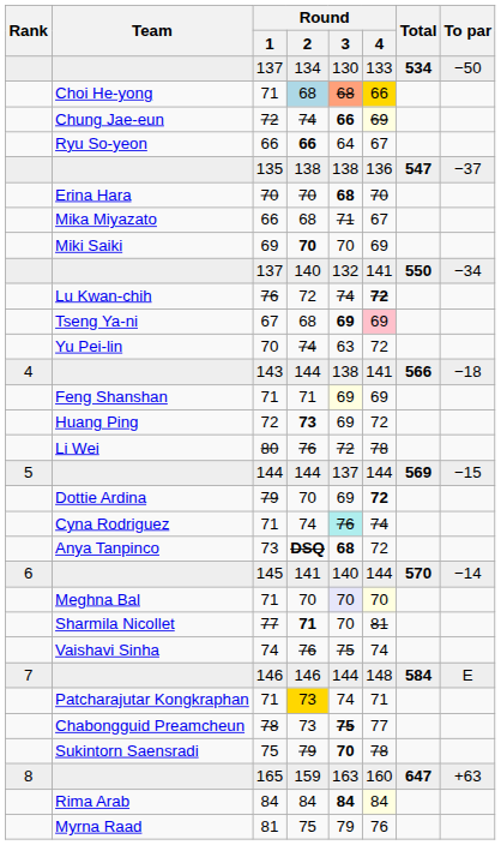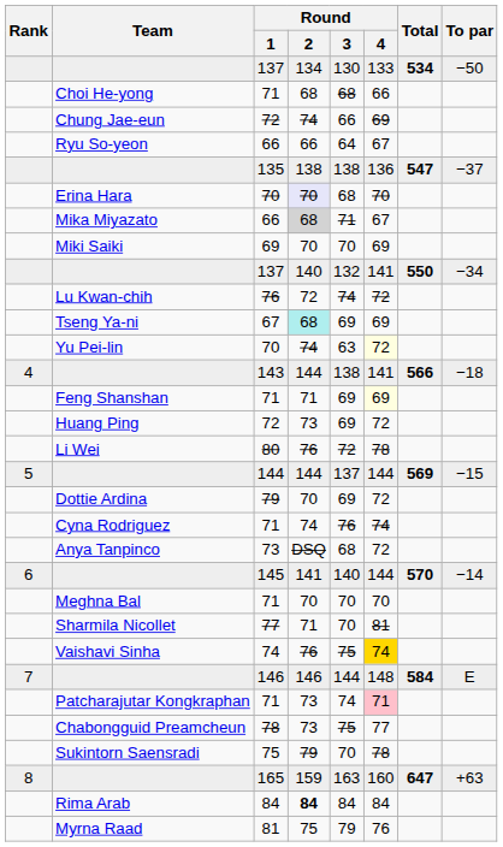 <table class=wikitable style="text-align:center">
 <tr>
 <th rowspan="2">Rank</th>
 <th rowspan="2">Team</th>
 <th colspan="4">Round</th>
 <th rowspan="2">Total</th>
 <th rowspan="2">To par</th>
 </tr>
 <tr>
 <th>1</th>
 <th>2</th>
 <th>3</th>
 <th>4</th>
 </tr>
 <tr style="background:#eeeeee;">
 <td></td>
 <td align=left></td>
 <td>137</td>
 <td>134</td>
 <td>130</td>
 <td>133</td>
 <td><strong>534</strong></td>
 <td>−50</td>
 </tr>
 <tr>
 <td></td>
 <td align=left><a href='#'>Choi He-yong</a></td>
 <td>71</td>
-<td style="background: lightblue;">68</td>
-<td style="background: lightsalmon;"><s>68</s></td>
-<td style="background: gold;">66</td>
+<td>68</td>
+<td><s>68</s></td>
+<td>66</td>
 <td></td>
 <td></td>
 </tr>
 <tr>
 <td></td>
 <td align=left><a href='#'>Chung Jae-eun</a></td>
 <td><s>72</s></td>
 <td><s>74</s></td>
-<td><strong>66</strong></td>
-<td style="background: lightyellow;"><s>69</s></td>
+<td>66</td>
+<td><s>69</s></td>
 <td></td>
 <td></td>
 </tr>
 <tr>
 <td></td>
 <td align=left><a href='#'>Ryu So-yeon</a></td>
 <td>66</td>
-<td><strong>66</strong></td>
+<td>66</td>
 <td>64</td>
 <td>67</td>
 <td></td>
 <td></td>
 </tr>
 <tr style="background:#eeeeee;">
 <td></td>
 <td align=left></td>
 <td>135</td>
 <td>138</td>
 <td>138</td>
 <td>136</td>
 <td><strong>547</strong></td>
 <td>−37</td>
 </tr>
 <tr>
 <td></td>
 <td align=left><a href='#'>Erina Hara</a></td>
 <td><s>70</s></td>
-<td><s>70</s></td>
-<td><strong>68</strong></td>
+<td style="background: lavender;"><s>70</s></td>
+<td>68</td>
 <td><s>70</s></td>
 <td></td>
 <td></td>
 </tr>
 <tr>
 <td></td>
 <td align=left><a href='#'>Mika Miyazato</a></td>
 <td>66</td>
-<td>68</td>
+<td style="background: lightgrey;">68</td>
 <td><s>71</s></td>
 <td>67</td>
 <td></td>
 <td></td>
 </tr>
 <tr>
 <td></td>
 <td align=left><a href='#'>Miki Saiki</a></td>
 <td>69</td>
-<td><strong>70</strong></td>
+<td>70</td>
 <td>70</td>
 <td>69</td>
 <td></td>
 <td></td>
 </tr>
 <tr style="background:#eeeeee;">
 <td></td>
 <td align=left></td>
 <td>137</td>
 <td>140</td>
 <td>132</td>
 <td>141</td>
 <td><strong>550</strong></td>
 <td>−34</td>
 </tr>
 <tr>
 <td></td>
 <td align=left><a href='#'>Lu Kwan-chih</a></td>
 <td><s>76</s></td>
 <td>72</td>
 <td><s>74</s></td>
-<td><strong><s>72</s></strong></td>
+<td><s>72</s></td>
 <td></td>
 <td></td>
 </tr>
 <tr>
 <td></td>
 <td align=left><a href='#'>Tseng Ya-ni</a></td>
 <td>67</td>
-<td>68</td>
-<td><strong>69</strong></td>
-<td style="background: pink;">69</td>
+<td style="background: paleturquoise;">68</td>
+<td>69</td>
+<td>69</td>
 <td></td>
 <td></td>
 </tr>
 <tr>
 <td></td>
 <td align=left><a href='#'>Yu Pei-lin</a></td>
 <td>70</td>
 <td><s>74</s></td>
 <td>63</td>
-<td>72</td>
+<td style="background: lightyellow;">72</td>
 <td></td>
 <td></td>
 </tr>
 <tr style="background:#eeeeee;">
 <td>4</td>
 <td align=left></td>
 <td>143</td>
 <td>144</td>
 <td>138</td>
 <td>141</td>
 <td><strong>566</strong></td>
 <td>−18</td>
 </tr>
 <tr>
 <td></td>
 <td align=left><a href='#'>Feng Shanshan</a></td>
 <td>71</td>
 <td>71</td>
+<td>69</td>
 <td style="background: lightyellow;">69</td>
-<td>69</td>
 <td></td>
 <td></td>
 </tr>
 <tr>
 <td></td>
 <td align=left><a href='#'>Huang Ping</a></td>
 <td>72</td>
-<td><strong>73</strong></td>
+<td>73</td>
 <td>69</td>
 <td>72</td>
 <td></td>
 <td></td>
 </tr>
 <tr>
 <td></td>
 <td align=left><a href='#'>Li Wei</a></td>
 <td><s>80</s></td>
 <td><s>76</s></td>
 <td><s>72</s></td>
 <td><s>78</s></td>
 <td></td>
 <td></td>
 </tr>
 <tr style="background:#eeeeee;">
 <td>5</td>
 <td align=left></td>
 <td>144</td>
 <td>144</td>
 <td>137</td>
 <td>144</td>
 <td><strong>569</strong></td>
 <td>−15</td>
 </tr>
 <tr>
 <td></td>
 <td align=left><a href='#'>Dottie Ardina</a></td>
 <td><s>79</s></td>
 <td>70</td>
 <td>69</td>
-<td><strong>72</strong></td>
+<td>72</td>
 <td></td>
 <td></td>
 </tr>
 <tr>
 <td></td>
 <td align=left><a href='#'>Cyna Rodriguez</a></td>
 <td>71</td>
 <td>74</td>
-<td style="background: paleturquoise;"><s>76</s></td>
+<td><s>76</s></td>
 <td><s>74</s></td>
 <td></td>
 <td></td>
 </tr>
 <tr>
 <td></td>
 <td align=left><a href='#'>Anya Tanpinco</a></td>
 <td>73</td>
-<td><strong><s>DSQ</s></strong></td>
-<td><strong>68</strong></td>
+<td><s>DSQ</s></td>
+<td>68</td>
 <td>72</td>
 <td></td>
 <td></td>
 </tr>
 <tr style="background:#eeeeee;">
 <td>6</td>
 <td align=left></td>
 <td>145</td>
 <td>141</td>
 <td>140</td>
 <td>144</td>
 <td><strong>570</strong></td>
 <td>−14</td>
 </tr>
 <tr>
 <td></td>
 <td align=left><a href='#'>Meghna Bal</a></td>
 <td>71</td>
 <td>70</td>
-<td style="background: lavender;">70</td>
-<td style="background: lightyellow;">70</td>
+<td>70</td>
+<td>70</td>
 <td></td>
 <td></td>
 </tr>
 <tr>
 <td></td>
 <td align=left><a href='#'>Sharmila Nicollet</a></td>
 <td><s>77</s></td>
-<td><strong>71</strong></td>
+<td>71</td>
 <td>70</td>
 <td><s>81</s></td>
 <td></td>
 <td></td>
 </tr>
 <tr>
 <td></td>
 <td align=left><a href='#'>Vaishavi Sinha</a></td>
 <td>74</td>
 <td><s>76</s></td>
 <td><s>75</s></td>
-<td>74</td>
+<td style="background: gold;">74</td>
 <td></td>
 <td></td>
 </tr>
 <tr style="background:#eeeeee;">
 <td>7</td>
 <td align=left></td>
 <td>146</td>
 <td>146</td>
 <td>144</td>
 <td>148</td>
 <td><strong>584</strong></td>
 <td>E</td>
 </tr>
 <tr>
 <td></td>
 <td align=left><a href='#'>Patcharajutar Kongkraphan</a></td>
 <td>71</td>
-<td style="background: gold;">73</td>
+<td>73</td>
 <td>74</td>
-<td>71</td>
+<td style="background: pink;">71</td>
 <td></td>
 <td></td>
 </tr>
 <tr>
 <td></td>
 <td align=left><a href='#'>Chabongguid Preamcheun</a></td>
 <td><s>78</s></td>
 <td>73</td>
-<td><strong><s>75</s></strong></td>
+<td><s>75</s></td>
 <td>77</td>
 <td></td>
 <td></td>
 </tr>
 <tr>
 <td></td>
 <td align=left><a href='#'>Sukintorn Saensradi</a></td>
 <td>75</td>
 <td><s>79</s></td>
-<td><strong>70</strong></td>
+<td>70</td>
 <td><s>78</s></td>
 <td></td>
 <td></td>
 </tr>
 <tr style="background:#eeeeee;">
 <td>8</td>
 <td align=left></td>
 <td>165</td>
 <td>159</td>
 <td>163</td>
 <td>160</td>
 <td><strong>647</strong></td>
 <td>+63</td>
 </tr>
 <tr>
 <td></td>
 <td align=left><a href='#'>Rima Arab</a></td>
 <td>84</td>
+<td><strong>84</strong></td>
 <td>84</td>
-<td><strong>84</strong></td>
-<td style="background: lightyellow;">84</td>
+<td>84</td>
 <td></td>
 <td></td>
 </tr>
 <tr>
 <td></td>
 <td align=left><a href='#'>Myrna Raad</a></td>
 <td>81</td>
 <td>75</td>
 <td>79</td>
 <td>76</td>
 <td></td>
 <td></td>
 </tr>
 </table>
